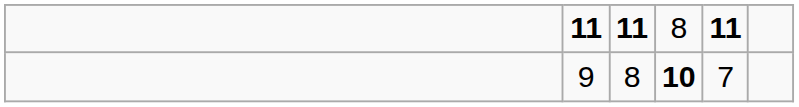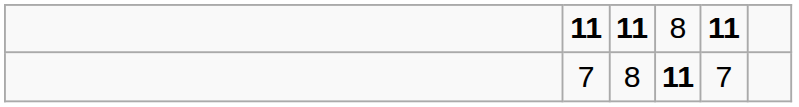 <table class="wikitable">
 <tr>
 <td style="width:18em"></td>
 <td align=center style="width:1em"><strong>11</strong></td>
 <td align=center style="width:1em"><strong>11</strong></td>
 <td align=center style="width:1em">8</td>
 <td align=center style="width:1em"><strong>11</strong></td>
 <td align=center style="width:1em"></td>
 </tr>
 <tr>
 <td style="width:18em"></td>
-<td align=center style="width:1em">9</td>
+<td align=center style="width:1em">7</td>
 <td align=center style="width:1em">8</td>
-<td align=center style="width:1em"><strong>10</strong></td>
+<td align=center style="width:1em"><strong>11</strong></td>
 <td align=center style="width:1em">7</td>
 <td align=center style="width:1em"></td>
 </tr>
 </table>
